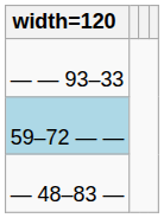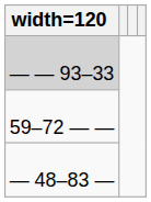 <table class="wikitable" style="text-align:center;">
 <tr>
 <th>width=120 </th>
 <th></th>
 <th></th>
 <th></th>
 </tr>
 <tr>
-<td style="text-align:left;"><br> —  —  93–33</td>
+<td style="background: lightgrey; text-align:left;"><br> —  —  93–33</td>
 </tr>
 <tr>
-<td style="background: lightblue; text-align:left;"><br> 59–72  —  —</td>
+<td style="text-align:left;"><br> 59–72  —  —</td>
 </tr>
 <tr>
 <td style="text-align:left;"><br> —  48–83  —</td>
 </tr>
 </table>
